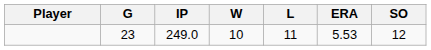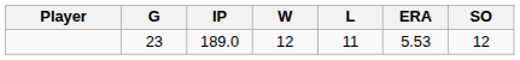 <table class="wikitable sortable">
 <tr>
 <th bgcolor="#DDDDFF" width="16%">Player</th>
 <th bgcolor="#DDDDFF" width="9%">G</th>
 <th bgcolor="#DDDDFF" width="9%">IP</th>
 <th bgcolor="#DDDDFF" width="9%">W</th>
 <th bgcolor="#DDDDFF" width="9%">L</th>
 <th bgcolor="#DDDDFF" width="9%">ERA</th>
 <th bgcolor="#DDDDFF" width="9%">SO</th>
 </tr>
 <tr align="center">
 <td></td>
 <td>23</td>
-<td>249.0</td>
-<td>10</td>
+<td>189.0</td>
+<td>12</td>
 <td>11</td>
 <td>5.53</td>
 <td>12</td>
 </tr>
 </table>
